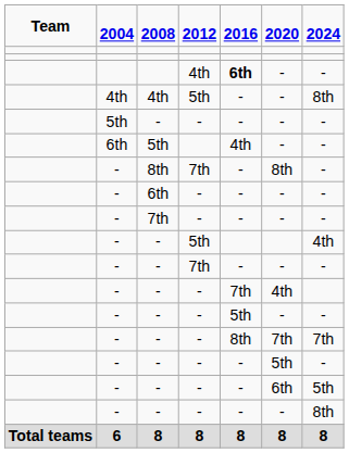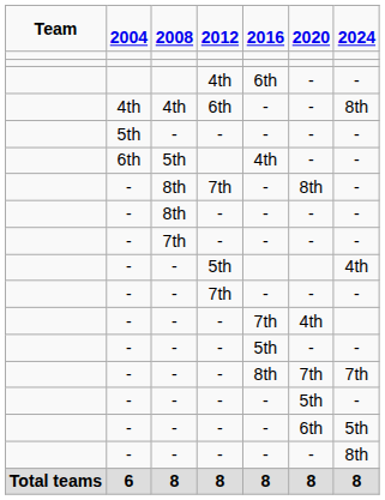 <table class="wikitable" style="text-align:center; font-size:90%">
 <tr bgcolor=>
 <td><strong>Team</strong></td>
 <td><strong><br><a href='#'>2004</a></strong></td>
 <td><strong><br><a href='#'>2008</a></strong></td>
 <td><strong><br><a href='#'>2012</a></strong></td>
 <td><strong><br><a href='#'>2016</a></strong></td>
 <td><strong><br><a href='#'>2020</a></strong></td>
 <td><strong><br><a href='#'>2024</a></strong></td>
 </tr>
 <tr>
 <td align=left></td>
 <td></td>
 <td></td>
 <td></td>
 <td></td>
 <td></td>
 <td></td>
 </tr>
 <tr>
 <td align=left></td>
 <td></td>
 <td></td>
 <td></td>
 <td></td>
 <td></td>
 <td></td>
 </tr>
 <tr>
 <td align=left></td>
 <td></td>
 <td></td>
 <td>4th</td>
-<td><strong>6th</strong></td>
+<td>6th</td>
 <td>-</td>
 <td>-</td>
 </tr>
 <tr>
 <td align=left></td>
 <td>4th</td>
 <td>4th</td>
-<td>5th</td>
+<td>6th</td>
 <td>-</td>
 <td>-</td>
 <td>8th</td>
 </tr>
 <tr>
 <td align=left></td>
 <td>5th</td>
 <td>-</td>
 <td>-</td>
 <td>-</td>
 <td>-</td>
 <td>-</td>
 </tr>
 <tr>
 <td align=left></td>
 <td>6th</td>
 <td>5th</td>
 <td></td>
 <td>4th</td>
 <td>-</td>
 <td>-</td>
 </tr>
 <tr>
 <td align=left></td>
 <td>-</td>
 <td>8th</td>
 <td>7th</td>
 <td>-</td>
 <td>8th</td>
 <td>-</td>
 </tr>
 <tr>
 <td align=left></td>
 <td>-</td>
-<td>6th</td>
+<td>8th</td>
 <td>-</td>
 <td>-</td>
 <td>-</td>
 <td>-</td>
 </tr>
 <tr>
 <td align=left></td>
 <td>-</td>
 <td>7th</td>
 <td>-</td>
 <td>-</td>
 <td>-</td>
 <td>-</td>
 </tr>
 <tr>
 <td align=left></td>
 <td>-</td>
 <td>-</td>
 <td>5th</td>
 <td></td>
 <td></td>
 <td>4th</td>
 </tr>
 <tr>
 <td align=left></td>
 <td>-</td>
 <td>-</td>
 <td>7th</td>
 <td>-</td>
 <td>-</td>
 <td>-</td>
 </tr>
 <tr>
 <td align=left></td>
 <td>-</td>
 <td>-</td>
 <td>-</td>
 <td>7th</td>
 <td>4th</td>
 <td></td>
 </tr>
 <tr>
 <td align=left></td>
 <td>-</td>
 <td>-</td>
 <td>-</td>
 <td>5th</td>
 <td>-</td>
 <td>-</td>
 </tr>
 <tr>
 <td align=left></td>
 <td>-</td>
 <td>-</td>
 <td>-</td>
 <td>8th</td>
 <td>7th</td>
 <td>7th</td>
 </tr>
 <tr>
 <td align=left></td>
 <td>-</td>
 <td>-</td>
 <td>-</td>
 <td>-</td>
 <td>5th</td>
 <td>-</td>
 </tr>
 <tr>
 <td align=left></td>
 <td>-</td>
 <td>-</td>
 <td>-</td>
 <td>-</td>
 <td>6th</td>
 <td>5th</td>
 </tr>
 <tr>
 <td align=left></td>
 <td>-</td>
 <td>-</td>
 <td>-</td>
 <td>-</td>
 <td>-</td>
 <td>8th</td>
 </tr>
 <tr style="background:#ddd" class="sortbottom">
 <td align=left><strong>Total teams</strong></td>
 <td><strong>6</strong></td>
 <td><strong>8</strong></td>
 <td><strong>8</strong></td>
 <td><strong>8</strong></td>
 <td><strong>8</strong></td>
 <td><strong>8</strong></td>
 </tr>
 </table>
